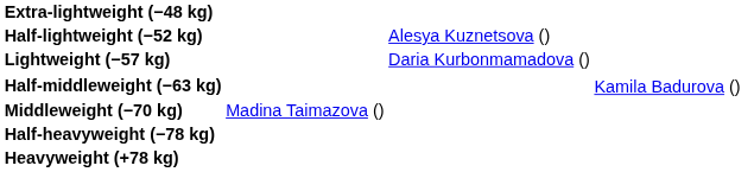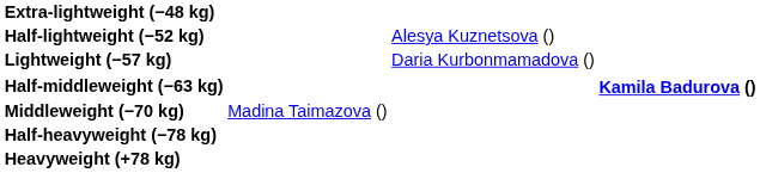 <table>
 <tr>
 <th rowspan=2 style="text-align:left;">Extra-lightweight (−48 kg)</th>
 <td rowspan=2></td>
 <td rowspan=2></td>
 <td></td>
 </tr>
 <tr>
 <td></td>
 </tr>
 <tr>
 <th rowspan=2 style="text-align:left;">Half-lightweight (−52 kg)</th>
 <td rowspan=2></td>
 <td rowspan=2> <a href='#'>Alesya Kuznetsova</a> <span>()</span></td>
 <td></td>
 </tr>
 <tr>
 <td></td>
 </tr>
 <tr>
 <th rowspan=2 style="text-align:left;">Lightweight (−57 kg)</th>
 <td rowspan=2></td>
 <td rowspan=2> <a href='#'>Daria Kurbonmamadova</a> <span>()</span></td>
 <td></td>
 </tr>
 <tr>
 <td></td>
 </tr>
 <tr>
 <th rowspan=2 style="text-align:left;">Half-middleweight (−63 kg)</th>
 <td rowspan=2></td>
 <td rowspan=2></td>
 <td></td>
 </tr>
 <tr>
-<td> <a href='#'>Kamila Badurova</a> <span>()</span></td>
+<td><strong> <a href='#'>Kamila Badurova</a> <span>()</span></strong></td>
 </tr>
 <tr>
 <th rowspan=2 style="text-align:left;">Middleweight (−70 kg)</th>
 <td rowspan=2> <a href='#'>Madina Taimazova</a> <span>()</span></td>
 <td rowspan=2></td>
 <td></td>
 </tr>
 <tr>
 <td></td>
 </tr>
 <tr>
 <th rowspan=2 style="text-align:left;">Half-heavyweight (−78 kg)</th>
 <td rowspan=2></td>
 <td rowspan=2></td>
 <td></td>
 </tr>
 <tr>
 <td></td>
 </tr>
 <tr>
 <th rowspan=2 style="text-align:left;">Heavyweight (+78 kg)</th>
 <td rowspan=2></td>
 <td rowspan=2></td>
 <td></td>
 </tr>
 <tr>
 <td></td>
 </tr>
 </table>
